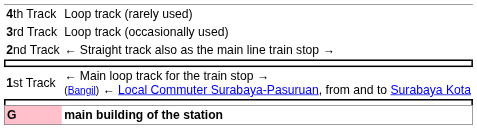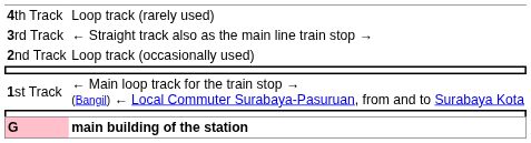 <table cellspacing="0" cellpadding="3">
 <tr>
 <td style="border-top:solid 1px gray"><strong>4</strong>th Track</td>
 <td style="border-top:solid 1px gray">Loop track (rarely used)</td>
 </tr>
 <tr>
 <td><strong>3</strong>rd Track</td>
-<td>Loop track (occasionally used)</td>
+<td>← Straight track also as the main line train stop →</td>
 </tr>
 <tr>
 <td><strong>2</strong>nd Track</td>
-<td>← Straight track also as the main line train stop →</td>
+<td>Loop track (occasionally used)</td>
 </tr>
 <tr>
 <td colspan="2" style="border-top:solid 2px black;border-left:solid 2px black;border-right:solid 2px black;border-bottom:solid 2px black; text-align:center"></td>
 </tr>
 <tr>
 <td><strong>1</strong>st Track</td>
 <td>← Main loop track for the train stop →<br><small>(<a href='#'>Bangil</a>)</small> ← <a href='#'>Local Commuter Surabaya-Pasuruan</a>, from and to <a href='#'>Surabaya Kota</a></td>
 </tr>
 <tr>
 <td colspan="2" style="border-top:solid 2px black;border-left:solid 2px black;border-right:solid 2px black; text-align:center"></td>
 </tr>
 <tr>
 <td style="background: pink; border:solid 1px gray; border-right:none;"><strong>G</strong></td>
 <td style="border:solid 1px gray; border-left:none;"><strong>main building of the station</strong></td>
 </tr>
 </table>
